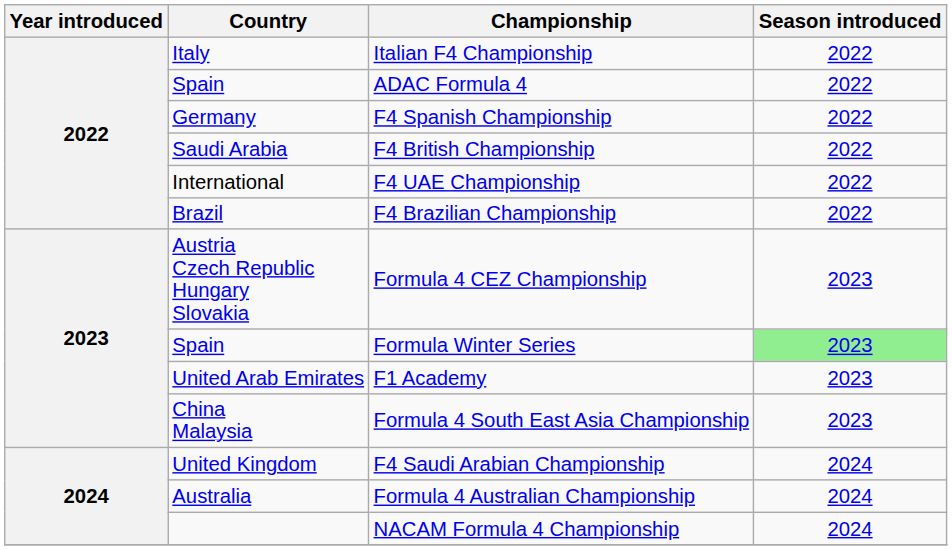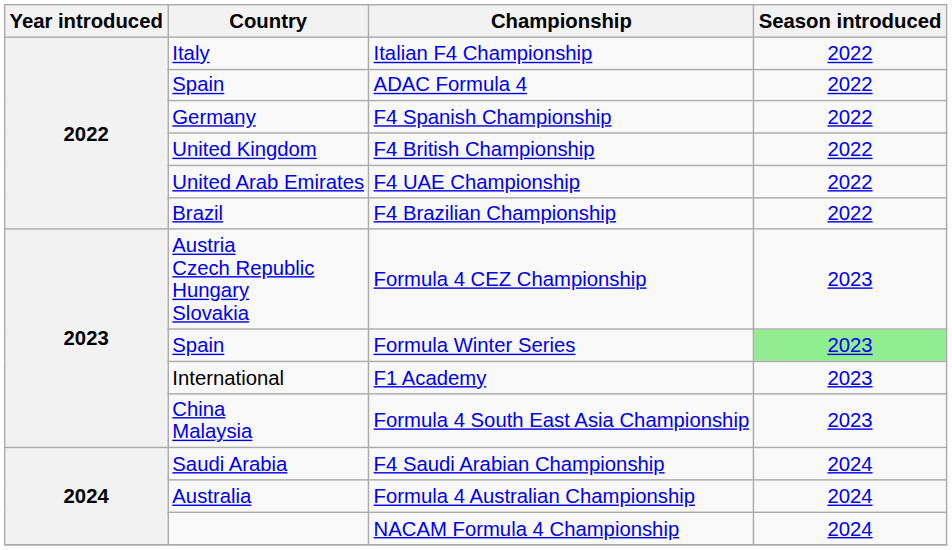 <table class="wikitable" style="font-size: 90%; text-align:center">
 <tr>
 <th>Year introduced</th>
 <th>Country</th>
 <th>Championship</th>
 <th>Season introduced</th>
 </tr>
 <tr>
 <th rowspan=6>2022</th>
 <td align=left> <a href='#'>Italy</a></td>
 <td align=left><a href='#'>Italian F4 Championship</a></td>
 <td><a href='#'>2022</a></td>
 </tr>
 <tr>
 <td align=left> <a href='#'>Spain</a></td>
 <td align=left><a href='#'>ADAC Formula 4</a></td>
 <td><a href='#'>2022</a></td>
 </tr>
 <tr>
 <td align=left> <a href='#'>Germany</a></td>
 <td align=left><a href='#'>F4 Spanish Championship</a></td>
 <td><a href='#'>2022</a></td>
 </tr>
 <tr>
-<td align=left> <a href='#'>Saudi Arabia</a></td>
+<td align=left> <a href='#'>United Kingdom</a></td>
 <td align=left><a href='#'>F4 British Championship</a></td>
 <td><a href='#'>2022</a></td>
 </tr>
 <tr>
-<td align="left">International</td>
+<td align=left> <a href='#'>United Arab Emirates</a></td>
 <td align=left><a href='#'>F4 UAE Championship</a></td>
 <td><a href='#'>2022</a></td>
 </tr>
 <tr>
 <td align=left> <a href='#'>Brazil</a></td>
 <td align=left><a href='#'>F4 Brazilian Championship</a></td>
 <td><a href='#'>2022</a></td>
 </tr>
 <tr>
 <th rowspan="4">2023</th>
 <td align=left> <a href='#'>Austria</a><br> <a href='#'>Czech Republic</a><br> <a href='#'>Hungary</a><br> <a href='#'>Slovakia</a></td>
 <td align=left><a href='#'>Formula 4 CEZ Championship</a></td>
 <td><a href='#'>2023</a></td>
 </tr>
 <tr>
 <td align=left> <a href='#'>Spain</a></td>
 <td align=left><a href='#'>Formula Winter Series</a></td>
 <td style="background: lightgreen;"><a href='#'>2023</a></td>
 </tr>
 <tr>
-<td align=left> <a href='#'>United Arab Emirates</a></td>
+<td align="left">International</td>
 <td align="left"><a href='#'>F1 Academy</a></td>
 <td><a href='#'>2023</a></td>
 </tr>
 <tr>
 <td align="left"> <a href='#'>China</a><br> <a href='#'>Malaysia</a></td>
 <td align="left"><a href='#'>Formula 4 South East Asia Championship</a></td>
 <td><a href='#'>2023</a></td>
 </tr>
 <tr>
 <th rowspan="3">2024</th>
-<td align=left> <a href='#'>United Kingdom</a></td>
+<td align=left> <a href='#'>Saudi Arabia</a></td>
 <td align=left><a href='#'>F4 Saudi Arabian Championship</a></td>
 <td><a href='#'>2024</a></td>
 </tr>
 <tr>
 <td align=left> <a href='#'>Australia</a></td>
 <td align=left><a href='#'>Formula 4 Australian Championship</a></td>
 <td><a href='#'>2024</a></td>
 </tr>
 <tr>
 <td align="left"></td>
 <td align="left"><a href='#'>NACAM Formula 4 Championship</a></td>
 <td><a href='#'>2024</a></td>
 </tr>
 <tr>
 </tr>
 </table>
